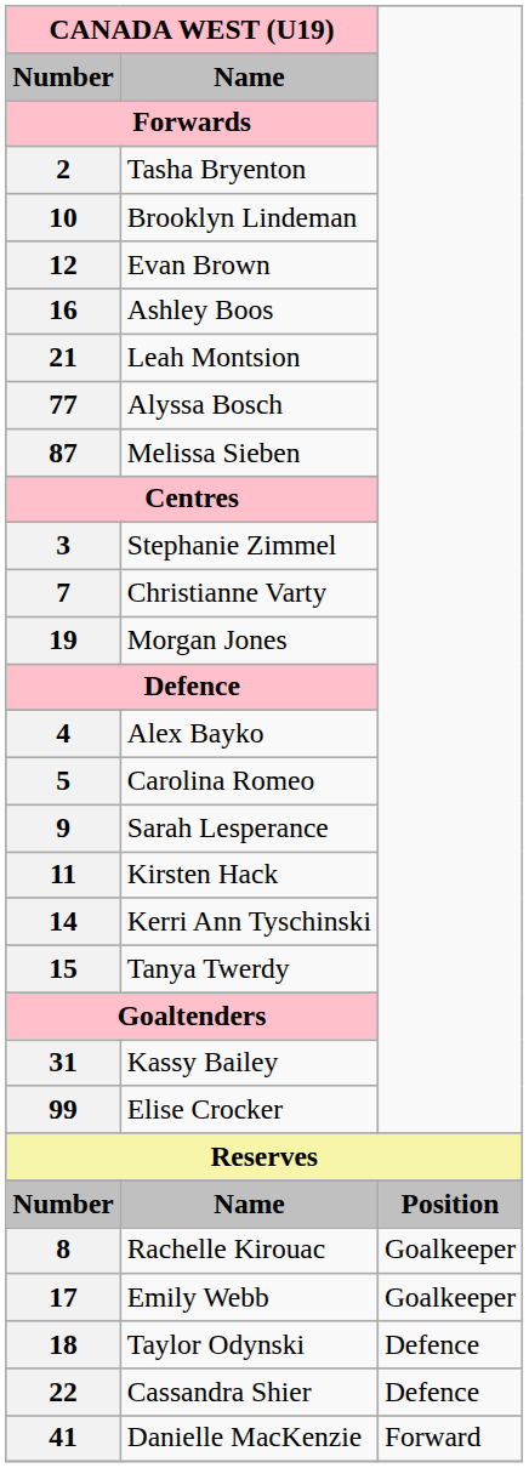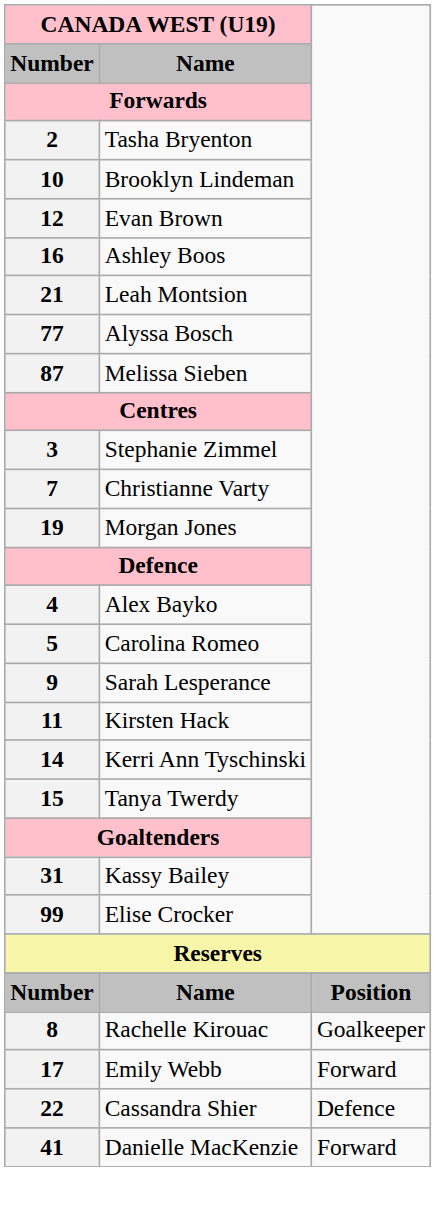 <table class="wikitable" style="text-align:left; font-size:90%;">
 <tr>
 <th style=background:pink colspan=2>CANADA WEST (U19)</th>
 </tr>
 <tr>
 <th width=10 style="background:silver;">Number</th>
 <th style="background:silver;">Name</th>
 </tr>
 <tr>
 <th style=background:pink colspan=2>Forwards</th>
 </tr>
 <tr>
 <th>2</th>
 <td>Tasha Bryenton</td>
 </tr>
 <tr>
 <th>10</th>
 <td>Brooklyn Lindeman</td>
 </tr>
 <tr>
 <th>12</th>
 <td>Evan Brown</td>
 </tr>
 <tr>
 <th>16</th>
 <td>Ashley Boos</td>
 </tr>
 <tr>
 <th>21</th>
 <td>Leah Montsion</td>
 </tr>
 <tr>
 <th>77</th>
 <td>Alyssa Bosch</td>
 </tr>
 <tr>
 <th>87</th>
 <td>Melissa Sieben</td>
 </tr>
 <tr>
 <th style=background:pink colspan=2>Centres</th>
 </tr>
 <tr>
 <th>3</th>
 <td>Stephanie Zimmel</td>
 </tr>
 <tr>
 <th>7</th>
 <td>Christianne Varty</td>
 </tr>
 <tr>
 <th>19</th>
 <td>Morgan Jones</td>
 </tr>
 <tr>
 <th style=background:pink colspan=2>Defence</th>
 </tr>
 <tr>
 <th>4</th>
 <td>Alex Bayko</td>
 </tr>
 <tr>
 <th>5</th>
 <td>Carolina Romeo</td>
 </tr>
 <tr>
 <th>9</th>
 <td>Sarah Lesperance</td>
 </tr>
 <tr>
 <th>11</th>
 <td>Kirsten Hack</td>
 </tr>
 <tr>
 <th>14</th>
 <td>Kerri Ann Tyschinski</td>
 </tr>
 <tr>
 <th>15</th>
 <td>Tanya Twerdy</td>
 </tr>
 <tr>
 <th style=background:pink colspan=2>Goaltenders</th>
 </tr>
 <tr>
 <th>31</th>
 <td>Kassy Bailey</td>
 </tr>
 <tr>
 <th>99</th>
 <td>Elise Crocker</td>
 </tr>
 <tr>
 <th style=background:#f7f6a8 colspan=3>Reserves</th>
 </tr>
 <tr>
 <th width=10 style="background:silver;">Number</th>
 <th style="background:silver;">Name</th>
 <th style="background:silver;">Position</th>
 </tr>
 <tr>
 <th>8</th>
 <td>Rachelle Kirouac</td>
 <td>Goalkeeper</td>
 </tr>
 <tr>
 <th>17</th>
 <td>Emily Webb</td>
-<td>Goalkeeper</td>
-</tr>
-<tr>
-<th>18</th>
-<td>Taylor Odynski</td>
-<td>Defence</td>
+<td>Forward</td>
 </tr>
 <tr>
 <th>22</th>
 <td>Cassandra Shier</td>
 <td>Defence</td>
 </tr>
 <tr>
 <th>41</th>
 <td>Danielle MacKenzie</td>
 <td>Forward</td>
 </tr>
 <tr>
 </tr>
 </table>
